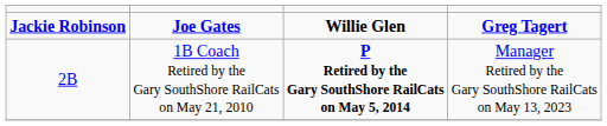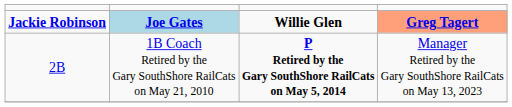 <table class="wikitable" style="margin: 1em auto 1em auto; font-size: 100%; text-align:center;">
 <tr>
 <td></td>
 <td></td>
 <td></td>
 <td></td>
 </tr>
 <tr>
 <td><strong><a href='#'>Jackie Robinson</a></strong></td>
-<td><strong><a href='#'>Joe Gates</a></strong></td>
+<td style="background: lightblue;"><strong><a href='#'>Joe Gates</a></strong></td>
 <td><strong>Willie Glen</strong></td>
-<td><strong><a href='#'>Greg Tagert</a></strong></td>
+<td style="background: lightsalmon;"><strong><a href='#'>Greg Tagert</a></strong></td>
 </tr>
 <tr>
 <td><a href='#'>2B</a> <br> </td>
 <td><a href='#'>1B Coach</a> <br> <small>Retired by the<br>Gary SouthShore RailCats<br>on May 21, 2010</small></td>
 <td><strong><a href='#'>P</a> <br> <small>Retired by the<br>Gary SouthShore RailCats<br>on May 5, 2014</small></strong></td>
 <td><a href='#'>Manager</a> <br> <small>Retired by the<br>Gary SouthShore RailCats<br>on May 13, 2023</small></td>
 </tr>
 <tr>
 </tr>
 </table>
